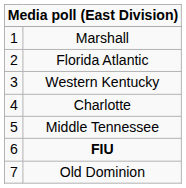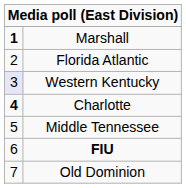 <table class="wikitable" style="display: inline-table;">
 <tr>
 <td align="center" Colspan="3"><strong>Media poll (East Division)</strong></td>
 </tr>
 <tr align="center">
 </tr>
 <tr align="center">
-<td>1</td>
+<td><strong>1</strong></td>
 <td>Marshall</td>
 </tr>
 <tr align="center">
 <td>2</td>
 <td>Florida Atlantic</td>
 </tr>
 <tr align="center">
-<td>3</td>
+<td style="background: lavender;">3</td>
 <td>Western Kentucky</td>
 </tr>
 <tr align="center">
-<td>4</td>
+<td><strong>4</strong></td>
 <td>Charlotte</td>
 </tr>
 <tr align="center">
 <td>5</td>
 <td>Middle Tennessee</td>
 </tr>
 <tr align="center">
 <td>6</td>
 <td><strong>FIU</strong></td>
 </tr>
 <tr align="center">
 <td>7</td>
 <td>Old Dominion</td>
 </tr>
 </table>
